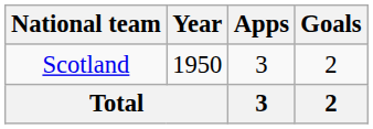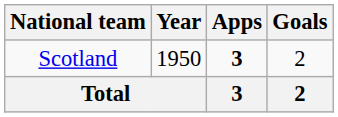 <table class=wikitable style="text-align:center">
 <tr>
 <th>National team</th>
 <th>Year</th>
 <th>Apps</th>
 <th>Goals</th>
 </tr>
 <tr>
 <td><a href='#'>Scotland</a></td>
 <td>1950</td>
-<td>3</td>
+<td><strong>3</strong></td>
 <td>2</td>
 </tr>
 <tr>
 <th colspan="2">Total</th>
 <th>3</th>
 <th>2</th>
 </tr>
 </table>
